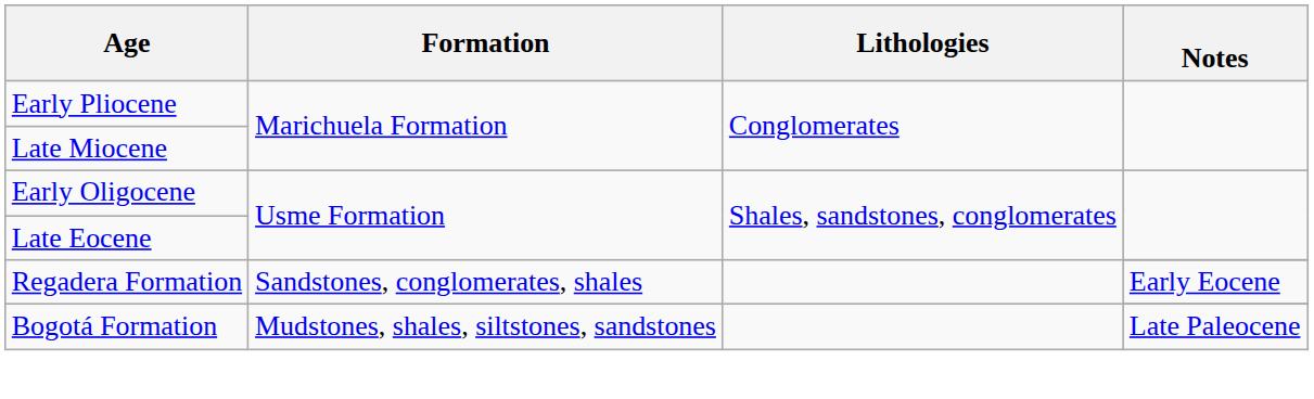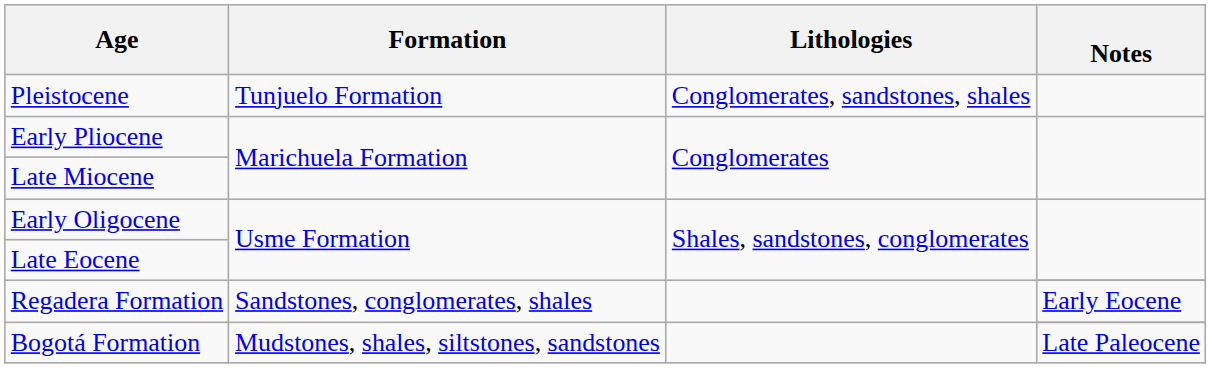 <table class="wikitable sortable mw-collapsible">
 <tr>
 <th>Age</th>
 <th>Formation</th>
 <th>Lithologies</th>
 <th class=unsortable><br>Notes</th>
+</tr>
+<tr>
+<td style="background-color: "><a href='#'>Pleistocene</a></td>
+<td><a href='#'>Tunjuelo Formation</a></td>
+<td><a href='#'>Conglomerates</a>, <a href='#'>sandstones</a>, <a href='#'>shales</a></td>
+<td></td>
 </tr>
 <tr>
 <td style="background-color: "><a href='#'>Early Pliocene</a></td>
 <td rowspan=2><a href='#'>Marichuela Formation</a></td>
 <td rowspan=2><a href='#'>Conglomerates</a></td>
 <td rowspan=2></td>
 </tr>
 <tr>
 <td style="background-color: "><a href='#'>Late Miocene</a></td>
 </tr>
 <tr>
 <td style="background-color: "><a href='#'>Early Oligocene</a></td>
 <td rowspan=2><a href='#'>Usme Formation</a></td>
 <td rowspan=2><a href='#'>Shales</a>, <a href='#'>sandstones</a>,  <a href='#'>conglomerates</a></td>
 <td rowspan=2></td>
 </tr>
 <tr>
 <td style="background-color: "><a href='#'>Late Eocene</a></td>
 </tr>
 <tr>
 <td rowspan=2><a href='#'>Regadera Formation</a></td>
 <td rowspan=2><a href='#'>Sandstones</a>, <a href='#'>conglomerates</a>, <a href='#'>shales</a></td>
 <td rowspan=2></td>
 </tr>
 <tr>
 <td style="background-color: "><a href='#'>Early Eocene</a></td>
 </tr>
 <tr>
 <td rowspan=2><a href='#'>Bogotá Formation</a></td>
 <td rowspan=2><a href='#'>Mudstones</a>, <a href='#'>shales</a>, <a href='#'>siltstones</a>, <a href='#'>sandstones</a></td>
 <td rowspan=2></td>
 </tr>
 <tr>
 <td style="background-color: "><a href='#'>Late Paleocene</a></td>
 </tr>
 </table>
